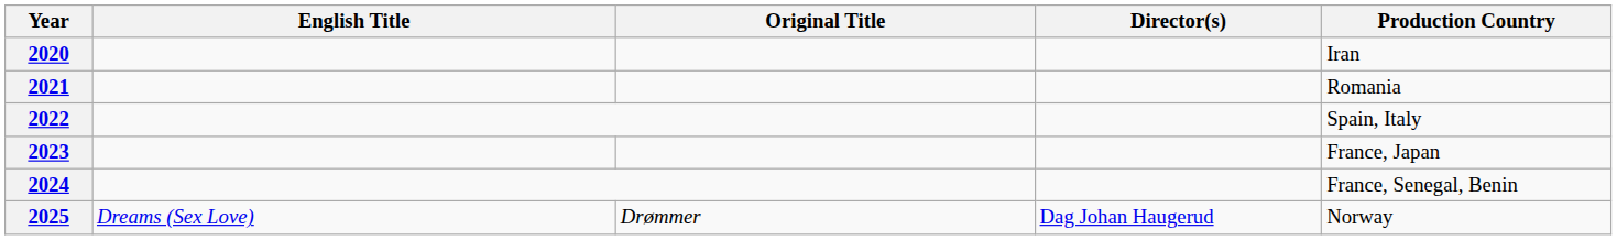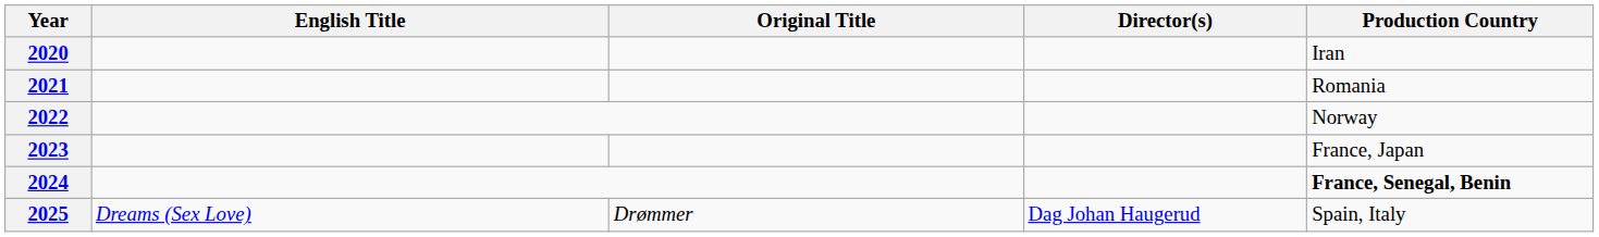 <table class="wikitable unsortable">
 <tr>
 <th scope="col" style="width:1%;">Year</th>
 <th scope="col" style="width:10%;">English Title</th>
 <th scope="col" style="width:8%;">Original Title</th>
 <th scope="col" style="width:5%;">Director(s)</th>
 <th scope="col" style="width:5%;">Production Country</th>
 </tr>
 <tr>
 <th style="text-align:center;"><a href='#'>2020</a></th>
 <td></td>
 <td></td>
 <td></td>
 <td>Iran</td>
 </tr>
 <tr>
 <th style="text-align:center;"><a href='#'>2021</a></th>
 <td></td>
 <td></td>
 <td></td>
 <td>Romania</td>
 </tr>
 <tr>
 <th style="text-align:center;"><a href='#'>2022</a></th>
 <td colspan="2"></td>
 <td></td>
-<td>Spain, Italy</td>
+<td>Norway</td>
 </tr>
 <tr>
 <th style="text-align:center;"><a href='#'>2023</a></th>
 <td></td>
 <td></td>
 <td></td>
 <td>France, Japan</td>
 </tr>
 <tr>
 <th style="text-align:center;"><a href='#'>2024</a></th>
 <td colspan="2"></td>
 <td></td>
-<td>France, Senegal, Benin</td>
+<td><strong>France, Senegal, Benin</strong></td>
 </tr>
 <tr>
 <th><a href='#'>2025</a></th>
 <td><em><a href='#'>Dreams (Sex Love)</a></em></td>
 <td><em>Drømmer</em></td>
 <td><a href='#'>Dag Johan Haugerud</a></td>
-<td>Norway</td>
+<td>Spain, Italy</td>
 </tr>
 </table>
